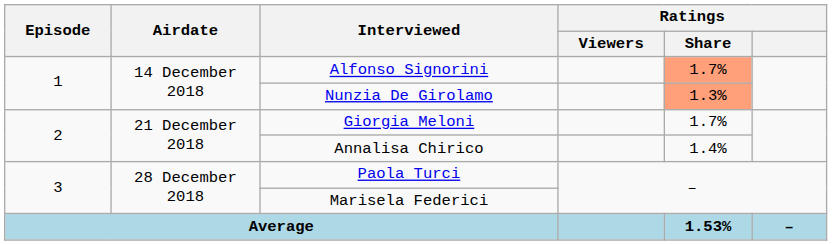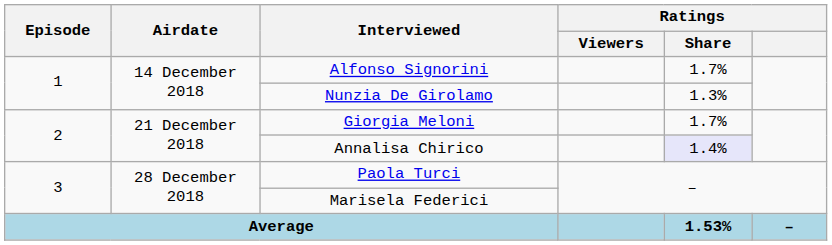 <table class="wikitable" style="font-size:90%; width:70%; text-align:center">
 <tr>
 <th rowspan="2" style="width:5%;">Episode</th>
 <th rowspan="2" style="width:10%;">Airdate</th>
 <th rowspan="2" style="width:20%;">Interviewed</th>
 <th colspan="3">Ratings</th>
 </tr>
 <tr>
 <th style="width:5%;">Viewers</th>
 <th style="width:5%;">Share</th>
 <th style="width:5%;"></th>
 </tr>
 <tr>
 <td rowspan="2">1</td>
 <td rowspan="2">14 December 2018</td>
 <td><a href='#'>Alfonso Signorini</a></td>
 <td></td>
-<td style="background: lightsalmon;">1.7%</td>
+<td>1.7%</td>
 <td rowspan="2"></td>
 </tr>
 <tr>
 <td><a href='#'>Nunzia De Girolamo</a></td>
 <td></td>
-<td style="background: lightsalmon;">1.3%</td>
+<td>1.3%</td>
 </tr>
 <tr>
 <td rowspan="2">2</td>
 <td rowspan="2">21 December 2018</td>
 <td><a href='#'>Giorgia Meloni</a></td>
 <td></td>
 <td>1.7%</td>
 <td rowspan="2"></td>
 </tr>
 <tr>
 <td>Annalisa Chirico</td>
 <td></td>
-<td>1.4%</td>
+<td style="background: lavender;">1.4%</td>
 </tr>
 <tr>
 <td rowspan="2">3</td>
 <td rowspan="2">28 December 2018</td>
 <td><a href='#'>Paola Turci</a></td>
 <td rowspan="2" colspan="3">–</td>
 </tr>
 <tr>
 <td>Marisela Federici</td>
 </tr>
 <tr>
 <td colspan="3" style="background:lightblue"><strong>Average</strong></td>
 <td style="background:lightblue"><strong></strong></td>
 <td style="background:lightblue"><strong>1.53%</strong></td>
 <td style="background:lightblue"><strong>–</strong></td>
 </tr>
 </table>
